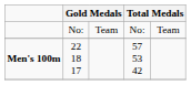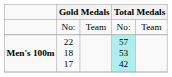 <table class="wikitable" style="text-align: center; font-size:95%;">
 <tr>
 <td></td>
 <th colspan=2>Gold Medals</th>
 <th colspan=2>Total Medals</th>
 </tr>
 <tr>
 <td></td>
 <td>No:</td>
 <td>Team</td>
 <td>No:</td>
 <td>Team</td>
 </tr>
 <tr>
 </tr>
 <tr>
 <td><strong>Men's 100m</strong></td>
 <td>22 <br> 18 <br> 17</td>
 <td align="left"> <br>  <br> </td>
-<td>57 <br> 53 <br> 42</td>
+<td style="background: paleturquoise;">57 <br> 53 <br> 42</td>
 <td align="left"> <br>  <br> </td>
 </tr>
 <tr>
 </tr>
 </table>
